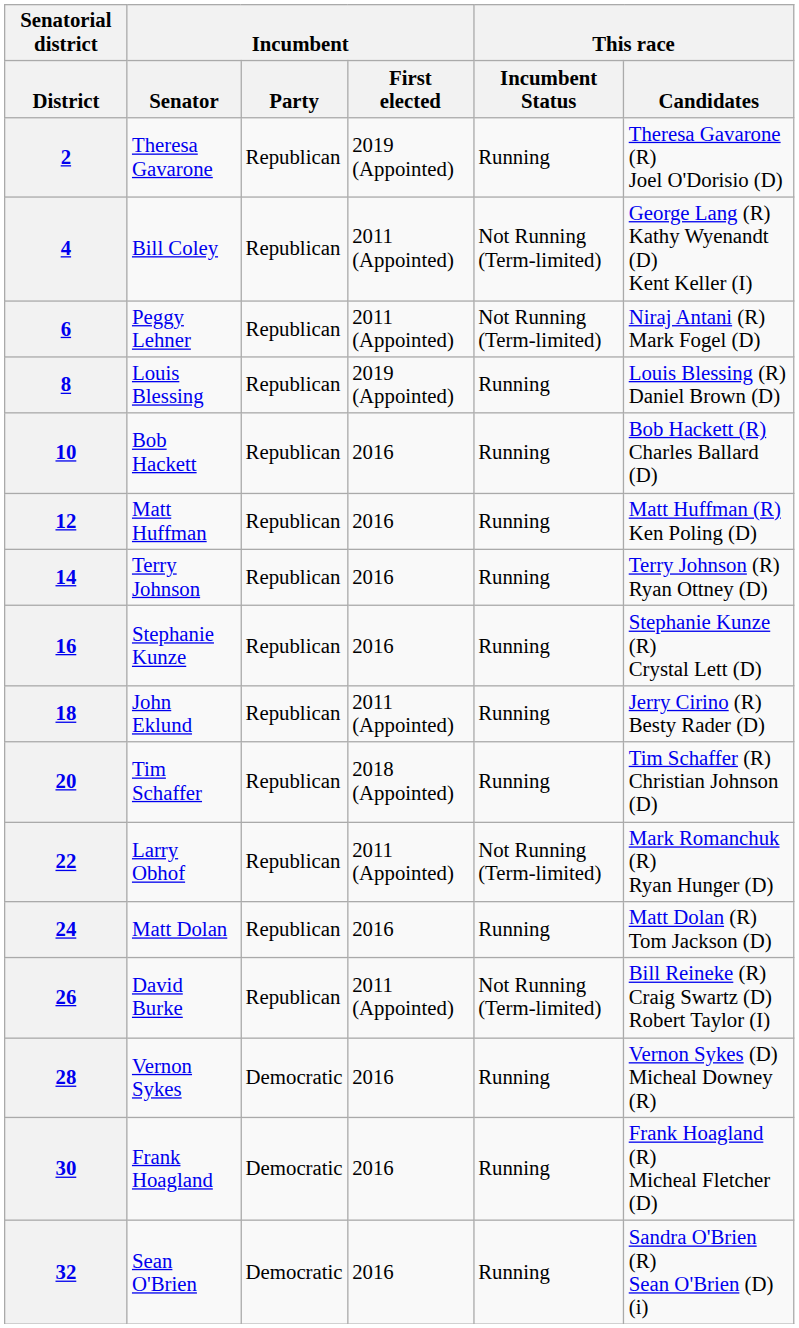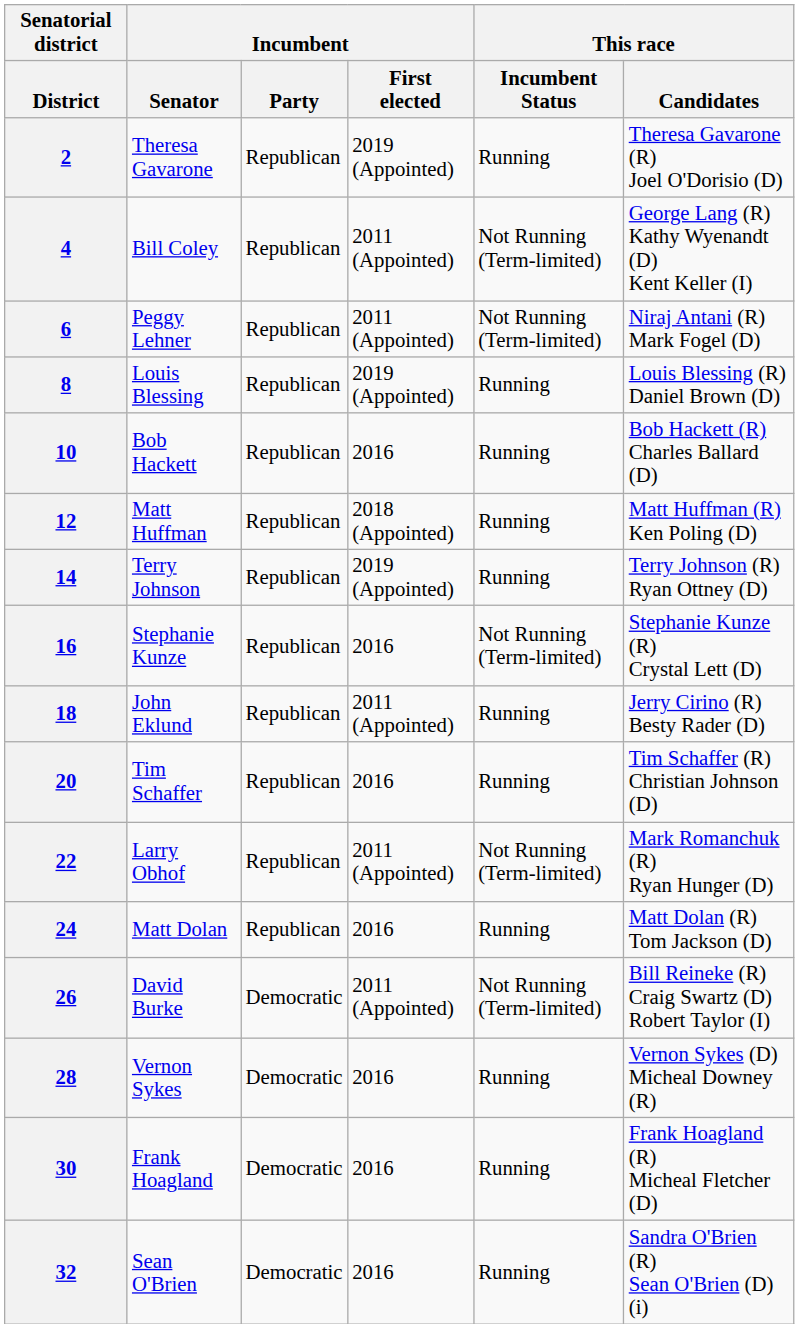 <table class="wikitable sortable">
 <tr valign=bottom>
 <th colspan=1>Senatorial district</th>
 <th colspan=3>Incumbent</th>
 <th colspan=2>This race</th>
 </tr>
 <tr valign=bottom>
 <th>District</th>
 <th>Senator</th>
 <th>Party</th>
 <th>First<br>elected</th>
 <th>Incumbent Status</th>
 <th>Candidates</th>
 </tr>
 <tr>
 <th><a href='#'>2</a></th>
 <td><a href='#'>Theresa Gavarone</a></td>
 <td>Republican</td>
 <td>2019 (Appointed)</td>
 <td>Running</td>
 <td><a href='#'>Theresa Gavarone</a> (R)<br>Joel O'Dorisio (D)</td>
 </tr>
 <tr>
 <th><a href='#'>4</a></th>
 <td><a href='#'>Bill Coley</a></td>
 <td>Republican</td>
 <td>2011 (Appointed)</td>
 <td>Not Running (Term-limited)</td>
 <td><a href='#'>George Lang</a> (R)<br>Kathy Wyenandt (D)<br>Kent Keller (I)</td>
 </tr>
 <tr>
 <th><a href='#'>6</a></th>
 <td><a href='#'>Peggy Lehner</a></td>
 <td>Republican</td>
 <td>2011 (Appointed)</td>
 <td>Not Running (Term-limited)</td>
 <td><a href='#'>Niraj Antani</a> (R)<br>Mark Fogel (D)</td>
 </tr>
 <tr>
 <th><a href='#'>8</a></th>
 <td><a href='#'>Louis Blessing</a></td>
 <td>Republican</td>
 <td>2019 (Appointed)</td>
 <td>Running</td>
 <td><a href='#'>Louis Blessing</a> (R)<br>Daniel Brown (D)</td>
 </tr>
 <tr>
 <th><a href='#'>10</a></th>
 <td><a href='#'>Bob Hackett</a></td>
 <td>Republican</td>
 <td>2016</td>
 <td>Running</td>
 <td><a href='#'>Bob Hackett (R)</a><br>Charles Ballard (D)</td>
 </tr>
 <tr>
 <th><a href='#'>12</a></th>
 <td><a href='#'>Matt Huffman</a></td>
 <td>Republican</td>
-<td>2016</td>
+<td>2018 (Appointed)</td>
 <td>Running</td>
 <td><a href='#'>Matt Huffman (R)</a><br>Ken Poling (D)</td>
 </tr>
 <tr>
 <th><a href='#'>14</a></th>
 <td><a href='#'>Terry Johnson</a></td>
 <td>Republican</td>
-<td>2016</td>
+<td>2019 (Appointed)</td>
 <td>Running</td>
 <td><a href='#'>Terry Johnson</a> (R)<br>Ryan Ottney (D)</td>
 </tr>
 <tr>
 <th><a href='#'>16</a></th>
 <td><a href='#'>Stephanie Kunze</a></td>
 <td>Republican</td>
 <td>2016</td>
-<td>Running</td>
+<td>Not Running (Term-limited)</td>
 <td><a href='#'>Stephanie Kunze</a> (R)<br>Crystal Lett (D)</td>
 </tr>
 <tr>
 <th><a href='#'>18</a></th>
 <td><a href='#'>John Eklund</a></td>
 <td>Republican</td>
 <td>2011 (Appointed)</td>
 <td>Running</td>
 <td><a href='#'>Jerry Cirino</a> (R)<br>Besty Rader (D)</td>
 </tr>
 <tr>
 <th><a href='#'>20</a></th>
 <td><a href='#'>Tim Schaffer</a></td>
 <td>Republican</td>
-<td>2018 (Appointed)</td>
+<td>2016</td>
 <td>Running</td>
 <td><a href='#'>Tim Schaffer</a> (R)<br>Christian Johnson (D)</td>
 </tr>
 <tr>
 <th><a href='#'>22</a></th>
 <td><a href='#'>Larry Obhof</a></td>
 <td>Republican</td>
 <td>2011 (Appointed)</td>
 <td>Not Running (Term-limited)</td>
 <td><a href='#'>Mark Romanchuk</a> (R)<br>Ryan Hunger (D)</td>
 </tr>
 <tr>
 <th><a href='#'>24</a></th>
 <td><a href='#'>Matt Dolan</a></td>
 <td>Republican</td>
 <td>2016</td>
 <td>Running</td>
 <td><a href='#'>Matt Dolan</a> (R)<br>Tom Jackson (D)</td>
 </tr>
 <tr>
 <th><a href='#'>26</a></th>
 <td><a href='#'>David Burke</a></td>
-<td>Republican</td>
+<td>Democratic</td>
 <td>2011 (Appointed)</td>
 <td>Not Running (Term-limited)</td>
 <td><a href='#'>Bill Reineke</a> (R)<br>Craig Swartz (D) Robert Taylor (I)</td>
 </tr>
 <tr>
 <th><a href='#'>28</a></th>
 <td><a href='#'>Vernon Sykes</a></td>
 <td>Democratic</td>
 <td>2016</td>
 <td>Running</td>
 <td><a href='#'>Vernon Sykes</a> (D)<br>Micheal Downey (R)</td>
 </tr>
 <tr>
 <th><a href='#'>30</a></th>
 <td><a href='#'>Frank Hoagland</a></td>
 <td>Democratic</td>
 <td>2016</td>
 <td>Running</td>
 <td><a href='#'>Frank Hoagland</a> (R)<br>Micheal Fletcher (D)</td>
 </tr>
 <tr>
 <th><a href='#'>32</a></th>
 <td><a href='#'>Sean O'Brien</a></td>
 <td>Democratic</td>
 <td>2016</td>
 <td>Running</td>
 <td><a href='#'>Sandra O'Brien</a> (R)<br><a href='#'>Sean O'Brien</a> (D) (i)</td>
 </tr>
 </table>
